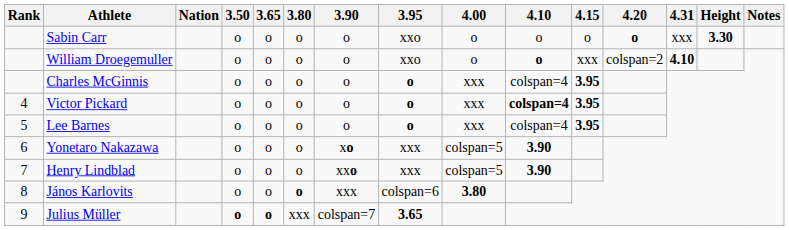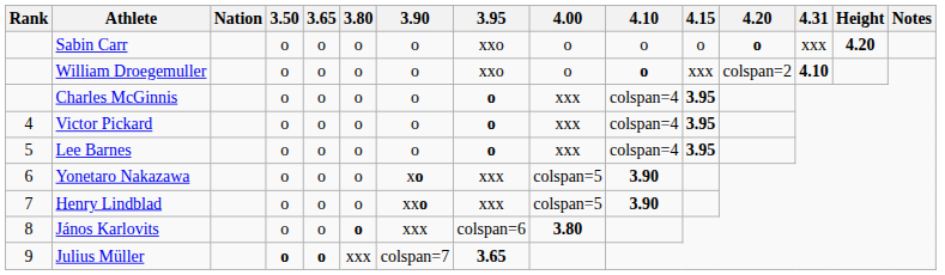 <table class="wikitable sortable" style=text-align:center>
 <tr>
 <th>Rank</th>
 <th>Athlete</th>
 <th>Nation</th>
 <th>3.50</th>
 <th>3.65</th>
 <th>3.80</th>
 <th>3.90</th>
 <th>3.95</th>
 <th>4.00</th>
 <th>4.10</th>
 <th>4.15</th>
 <th>4.20</th>
 <th>4.31</th>
 <th>Height</th>
 <th>Notes</th>
 </tr>
 <tr>
 <td></td>
 <td align=left><a href='#'>Sabin Carr</a></td>
 <td align=left></td>
 <td>o</td>
 <td>o</td>
 <td>o</td>
 <td>o</td>
 <td>xxo</td>
 <td>o</td>
 <td>o</td>
 <td>o</td>
 <td><strong>o</strong></td>
 <td>xxx</td>
-<td><strong>3.30</strong></td>
+<td><strong>4.20</strong></td>
 <td></td>
 </tr>
 <tr>
 <td></td>
 <td align=left><a href='#'>William Droegemuller</a></td>
 <td align=left></td>
 <td>o</td>
 <td>o</td>
 <td>o</td>
 <td>o</td>
 <td>xxo</td>
 <td>o</td>
 <td><strong>o</strong></td>
 <td>xxx</td>
 <td>colspan=2 </td>
 <td><strong>4.10</strong></td>
 <td></td>
 </tr>
 <tr>
 <td></td>
 <td align=left><a href='#'>Charles McGinnis</a></td>
 <td align=left></td>
 <td>o</td>
 <td>o</td>
 <td>o</td>
 <td>o</td>
 <td><strong>o</strong></td>
 <td>xxx</td>
 <td>colspan=4 </td>
 <td><strong>3.95</strong></td>
 <td></td>
 </tr>
 <tr>
 <td>4</td>
 <td align=left><a href='#'>Victor Pickard</a></td>
 <td align=left></td>
 <td>o</td>
 <td>o</td>
 <td>o</td>
 <td>o</td>
 <td><strong>o</strong></td>
 <td>xxx</td>
-<td><strong>colspan=4 </strong></td>
+<td>colspan=4 </td>
 <td><strong>3.95</strong></td>
 <td></td>
 </tr>
 <tr>
 <td>5</td>
 <td align=left><a href='#'>Lee Barnes</a></td>
 <td align=left></td>
 <td>o</td>
 <td>o</td>
 <td>o</td>
 <td>o</td>
 <td><strong>o</strong></td>
 <td>xxx</td>
 <td>colspan=4 </td>
 <td><strong>3.95</strong></td>
 <td></td>
 </tr>
 <tr>
 <td>6</td>
 <td align=left><a href='#'>Yonetaro Nakazawa</a></td>
 <td align=left></td>
 <td>o</td>
 <td>o</td>
 <td>o</td>
 <td>x<strong>o</strong></td>
 <td>xxx</td>
 <td>colspan=5 </td>
 <td><strong>3.90</strong></td>
 <td></td>
 </tr>
 <tr>
 <td>7</td>
 <td align=left><a href='#'>Henry Lindblad</a></td>
 <td align=left></td>
 <td>o</td>
 <td>o</td>
 <td>o</td>
 <td>xx<strong>o</strong></td>
 <td>xxx</td>
 <td>colspan=5 </td>
 <td><strong>3.90</strong></td>
 <td></td>
 </tr>
 <tr>
 <td>8</td>
 <td align=left><a href='#'>János Karlovits</a></td>
 <td align=left></td>
 <td>o</td>
 <td>o</td>
 <td><strong>o</strong></td>
 <td>xxx</td>
 <td>colspan=6 </td>
 <td><strong>3.80</strong></td>
 <td></td>
 </tr>
 <tr>
 <td>9</td>
 <td align=left><a href='#'>Julius Müller</a></td>
 <td align=left></td>
 <td><strong>o</strong></td>
 <td><strong>o</strong></td>
 <td>xxx</td>
 <td>colspan=7 </td>
 <td><strong>3.65</strong></td>
 <td></td>
 </tr>
 </table>
